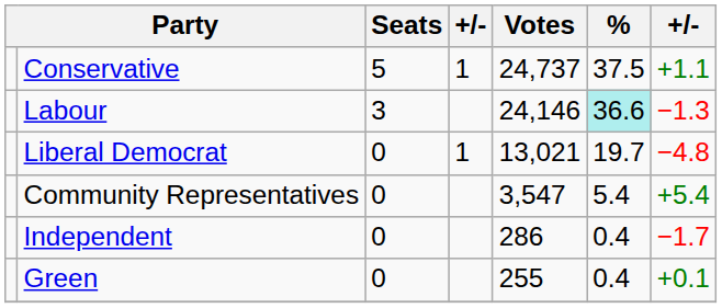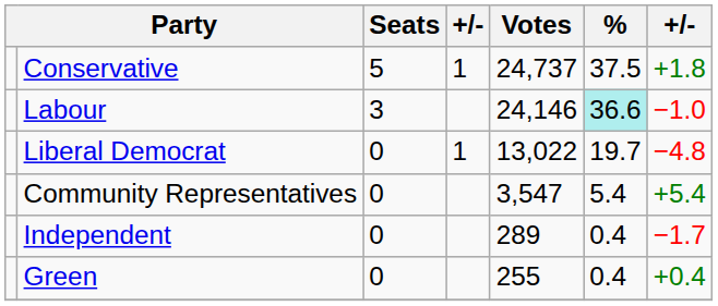 <table class="wikitable">
 <tr>
 <th colspan="2">Party</th>
 <th>Seats</th>
 <th>+/-</th>
 <th>Votes</th>
 <th>%</th>
 <th>+/-</th>
 </tr>
 <tr>
 <td style="background-color: "></td>
 <td><a href='#'>Conservative</a></td>
 <td>5</td>
 <td> 1</td>
 <td>24,737</td>
 <td>37.5</td>
-<td style="color:green">+1.1</td>
+<td style="color:green">+1.8</td>
 </tr>
 <tr>
 <td style="background-color: "></td>
 <td><a href='#'>Labour</a></td>
 <td>3</td>
 <td></td>
 <td>24,146</td>
 <td style="background: paleturquoise;">36.6</td>
-<td style="color:red">−1.3</td>
+<td style="color:red">−1.0</td>
 </tr>
 <tr>
 <td style="background-color: "></td>
 <td><a href='#'>Liberal Democrat</a></td>
 <td>0</td>
 <td> 1</td>
-<td>13,021</td>
+<td>13,022</td>
 <td>19.7</td>
 <td style="color:red">−4.8</td>
 </tr>
 <tr>
 <td style="background-color: "></td>
 <td>Community Representatives</td>
 <td>0</td>
 <td></td>
 <td>3,547</td>
 <td>5.4</td>
 <td style="color:green">+5.4</td>
 </tr>
 <tr>
 <td style="background-color: "></td>
 <td><a href='#'>Independent</a></td>
 <td>0</td>
 <td></td>
-<td>286</td>
+<td>289</td>
 <td>0.4</td>
 <td style="color:red">−1.7</td>
 </tr>
 <tr>
 <td style="background-color: "></td>
 <td><a href='#'>Green</a></td>
 <td>0</td>
 <td></td>
 <td>255</td>
 <td>0.4</td>
-<td style="color:green">+0.1</td>
+<td style="color:green">+0.4</td>
 </tr>
 <tr>
 </tr>
 </table>
